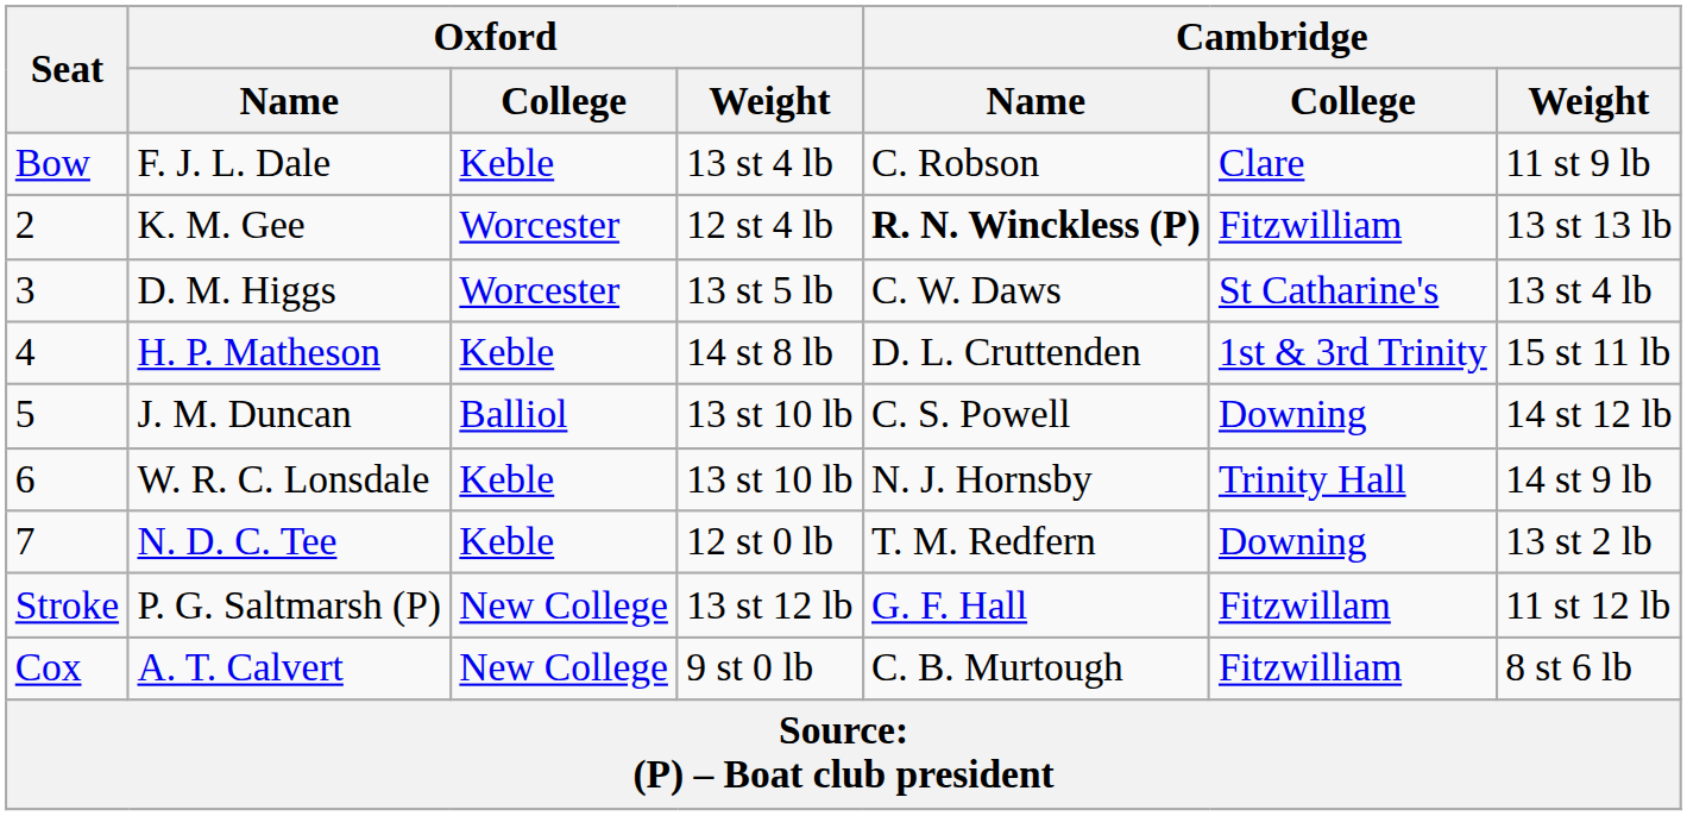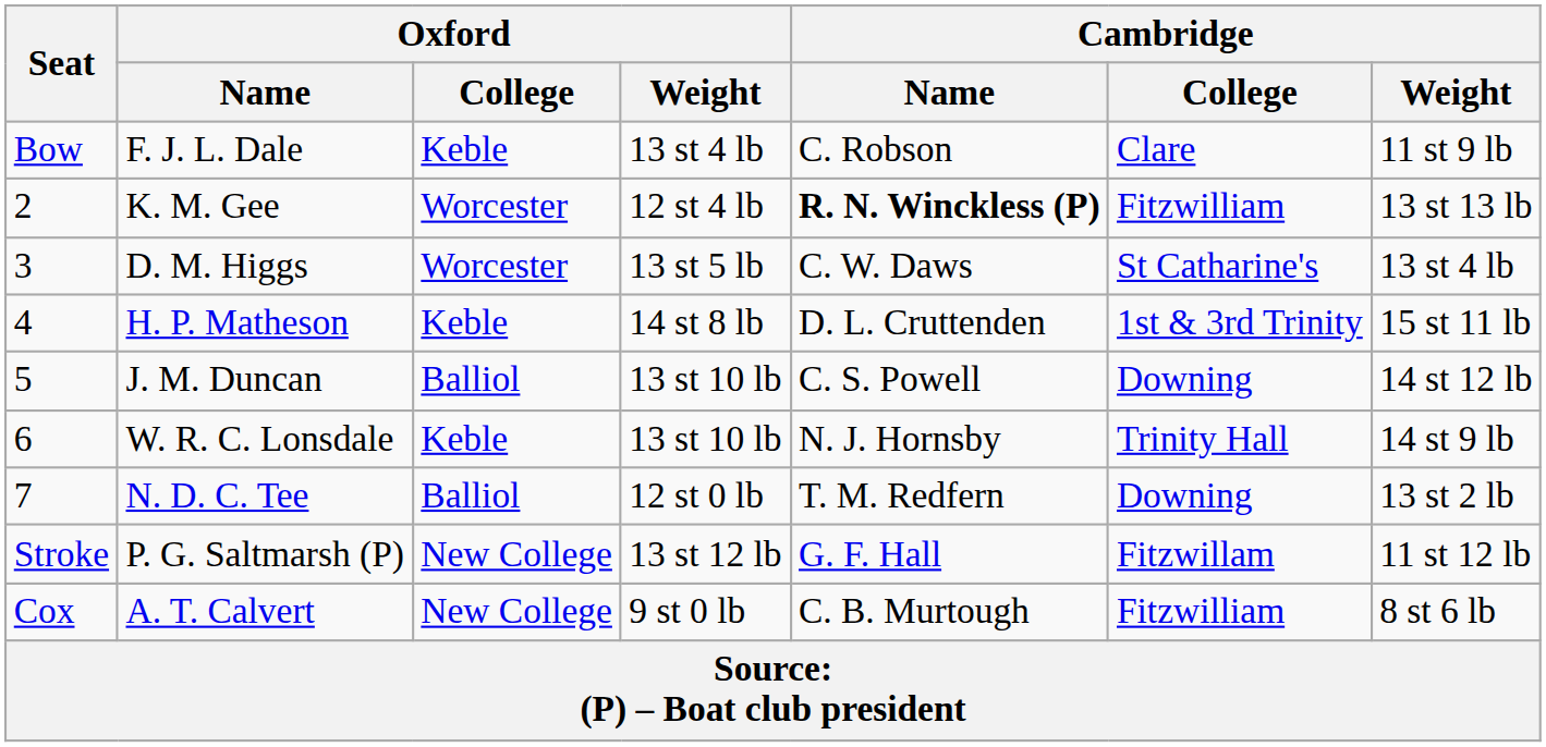 <table class="wikitable">
 <tr>
 <th rowspan="2" scope="col">Seat</th>
 <th colspan="3" scope="col">Oxford <br> </th>
 <th colspan="3" scope="col">Cambridge <br> </th>
 </tr>
 <tr>
 <th>Name</th>
 <th>College</th>
 <th>Weight</th>
 <th>Name</th>
 <th>College</th>
 <th>Weight</th>
 </tr>
 <tr>
 <td><a href='#'>Bow</a></td>
 <td>F. J. L. Dale</td>
 <td><a href='#'>Keble</a></td>
 <td>13 st 4 lb</td>
 <td>C. Robson</td>
 <td><a href='#'>Clare</a></td>
 <td>11 st 9 lb</td>
 </tr>
 <tr>
 <td>2</td>
 <td>K. M. Gee</td>
 <td><a href='#'>Worcester</a></td>
 <td>12 st 4 lb</td>
 <td><strong>R. N. Winckless (P)</strong></td>
 <td><a href='#'>Fitzwilliam</a></td>
 <td>13 st 13 lb</td>
 </tr>
 <tr>
 <td>3</td>
 <td>D. M. Higgs</td>
 <td><a href='#'>Worcester</a></td>
 <td>13 st 5 lb</td>
 <td>C. W. Daws</td>
 <td><a href='#'>St Catharine's</a></td>
 <td>13 st 4 lb</td>
 </tr>
 <tr>
 <td>4</td>
 <td><a href='#'>H. P. Matheson</a></td>
 <td><a href='#'>Keble</a></td>
 <td>14 st 8 lb</td>
 <td>D. L. Cruttenden</td>
 <td><a href='#'>1st & 3rd Trinity</a></td>
 <td>15 st 11 lb</td>
 </tr>
 <tr>
 <td>5</td>
 <td>J. M. Duncan</td>
 <td><a href='#'>Balliol</a></td>
 <td>13 st 10 lb</td>
 <td>C. S. Powell</td>
 <td><a href='#'>Downing</a></td>
 <td>14 st 12 lb</td>
 </tr>
 <tr>
 <td>6</td>
 <td>W. R. C. Lonsdale</td>
 <td><a href='#'>Keble</a></td>
 <td>13 st 10 lb</td>
 <td>N. J. Hornsby</td>
 <td><a href='#'>Trinity Hall</a></td>
 <td>14 st 9 lb</td>
 </tr>
 <tr>
 <td>7</td>
 <td><a href='#'>N. D. C. Tee</a></td>
-<td><a href='#'>Keble</a></td>
+<td><a href='#'>Balliol</a></td>
 <td>12 st 0 lb</td>
 <td>T. M. Redfern</td>
 <td><a href='#'>Downing</a></td>
 <td>13 st 2 lb</td>
 </tr>
 <tr>
 <td><a href='#'>Stroke</a></td>
 <td>P. G. Saltmarsh (P)</td>
 <td><a href='#'>New College</a></td>
 <td>13 st 12 lb</td>
 <td><a href='#'>G. F. Hall</a></td>
 <td><a href='#'>Fitzwillam</a></td>
 <td>11 st 12 lb</td>
 </tr>
 <tr>
 <td><a href='#'>Cox</a></td>
 <td><a href='#'>A. T. Calvert</a></td>
 <td><a href='#'>New College</a></td>
 <td>9 st 0 lb</td>
 <td>C. B. Murtough</td>
 <td><a href='#'>Fitzwilliam</a></td>
 <td>8 st 6 lb</td>
 </tr>
 <tr>
 <th colspan="7">Source:<br>(P) – Boat club president</th>
 </tr>
 </table>
